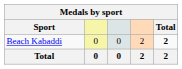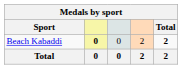 <table class="wikitable" style="font-size:90%; text-align:center;">
 <tr>
 <th colspan=5>Medals by sport</th>
 </tr>
 <tr>
 <th width=120>Sport</th>
 <th scope="col" width=30 style="background:#F7F6A8;"></th>
 <th scope="col" width=30 style="background:#DCE5E5;"></th>
 <th scope="col" width=30 style="background:#FFDAB9;"></th>
 <th width=30>Total</th>
 </tr>
 <tr>
 <td align=left> <a href='#'>Beach Kabaddi</a></td>
-<td style="background:#F7F6A8;">0</td>
+<td style="background:#F7F6A8;"><strong>0</strong></td>
 <td style="background:#DCE5E5;">0</td>
 <td style="background:#FFDAB9;">2</td>
 <td><strong>2</strong></td>
 </tr>
 <tr class="sortbottom">
 <th>Total</th>
 <th>0</th>
 <th>0</th>
 <th>2</th>
 <th>2</th>
 </tr>
 </table>
